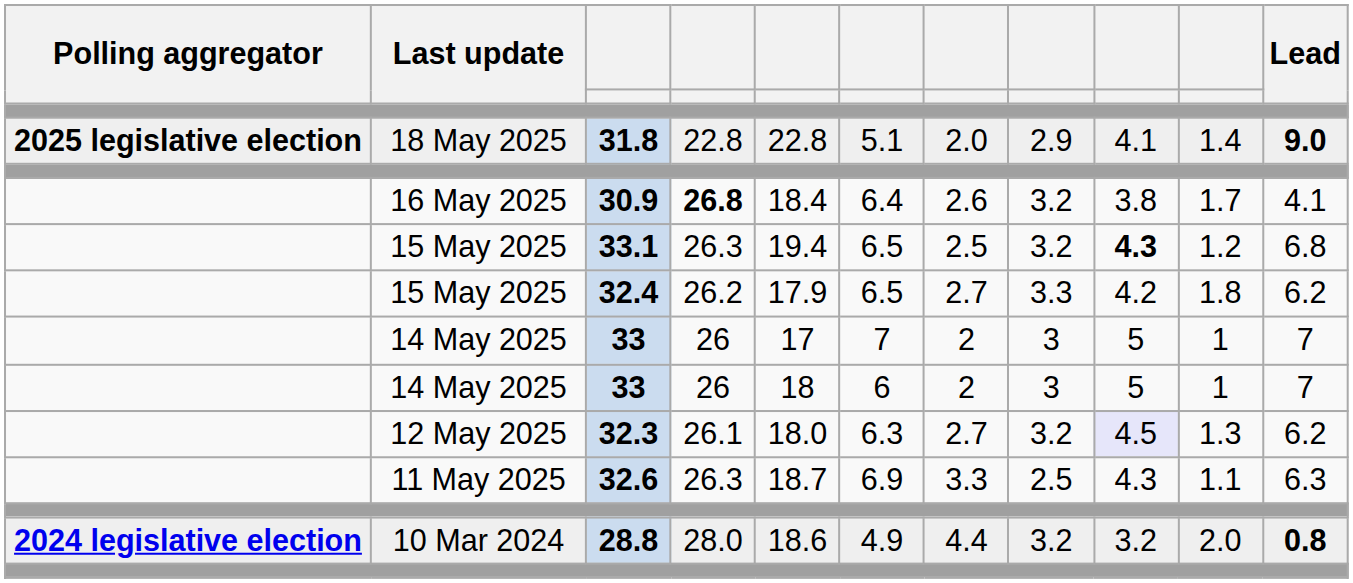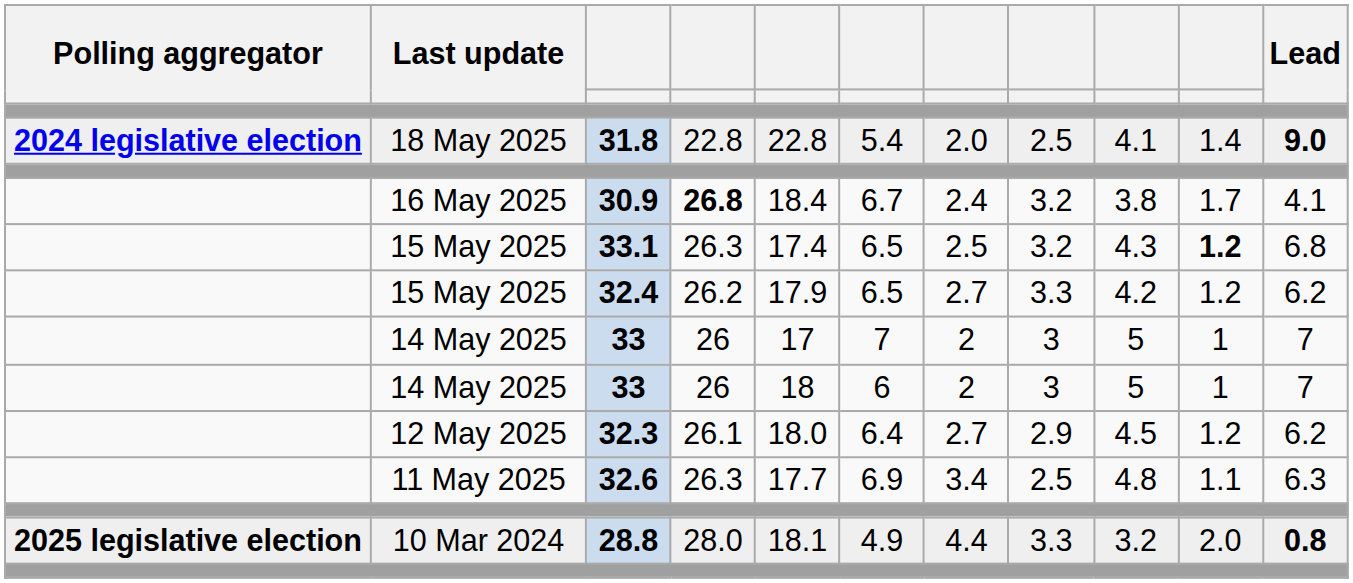 <table class="wikitable collapsible" style="text-align:center; font-size:95%; line-height:16px;">
 <tr style="height:42px;">
 <th style="width:175px;" rowspan="2">Polling aggregator</th>
 <th style="width:100px;" rowspan="2">Last update</th>
 <th class="sortable" style="width:35px;"></th>
 <th class="sortable" style="width:35px;"></th>
 <th class="sortable" style="width:35px;"></th>
 <th class="sortable" style="width:35px;"></th>
 <th class="sortable" style="width:35px;"></th>
 <th class="sortable" style="width:35px;"></th>
 <th class="sortable" style="width:35px;"></th>
 <th class="sortable" style="width:35px;"></th>
 <th class="unsortable" style="width:30px;" rowspan="2">Lead</th>
 </tr>
 <tr>
 <th class="sortable" style="background:"></th>
 <th class="sortable" style="background:"></th>
 <th class="sortable" style="background:"></th>
 <th class="sortable" style="background:"></th>
 <th class="sortable" style="background:"></th>
 <th class="sortable" style="background:"></th>
 <th class="sortable" style="background:"></th>
 <th class="sortable" style="background:"></th>
 </tr>
 <tr>
 <td colspan="11" style="background:#A0A0A0"></td>
 </tr>
 <tr style="background:#EFEFEF">
-<td><strong>2025 legislative election</strong></td>
+<td><strong><a href='#'>2024 legislative election</a></strong></td>
 <td>18 May 2025</td>
 <td style="background:#CBDCEF"><strong>31.8</strong><br></td>
 <td>22.8<br></td>
 <td>22.8<br></td>
-<td>5.1<br></td>
+<td>5.4<br></td>
 <td>2.0<br></td>
-<td>2.9<br></td>
+<td>2.5<br></td>
 <td>4.1<br></td>
 <td>1.4<br></td>
 <td style="background:"><strong>9.0</strong></td>
 </tr>
 <tr>
 <td colspan="11" style="background:#A0A0A0"></td>
 </tr>
 <tr>
 <td></td>
 <td>16 May 2025</td>
 <td style="background:#CBDCEF"><strong>30.9</strong></td>
 <td><strong>26.8</strong></td>
 <td>18.4</td>
-<td>6.4</td>
-<td>2.6</td>
+<td>6.7</td>
+<td>2.4</td>
 <td>3.2</td>
 <td>3.8</td>
 <td>1.7</td>
 <td style="background:">4.1</td>
 </tr>
 <tr>
 <td></td>
 <td>15 May 2025</td>
 <td style="background:#CBDCEF"><strong>33.1</strong></td>
 <td>26.3</td>
-<td>19.4</td>
+<td>17.4</td>
 <td>6.5</td>
 <td>2.5</td>
 <td>3.2</td>
-<td><strong>4.3</strong></td>
-<td>1.2</td>
+<td>4.3</td>
+<td><strong>1.2</strong></td>
 <td style="background:">6.8</td>
 </tr>
 <tr>
 <td></td>
 <td>15 May 2025</td>
 <td style="background:#CBDCEF"><strong>32.4</strong></td>
 <td>26.2</td>
 <td>17.9</td>
 <td>6.5</td>
 <td>2.7</td>
 <td>3.3</td>
 <td>4.2</td>
-<td>1.8</td>
+<td>1.2</td>
 <td style="background:">6.2</td>
 </tr>
 <tr>
 <td></td>
 <td>14 May 2025</td>
 <td style="background:#CBDCEF"><strong>33</strong></td>
 <td>26</td>
 <td>17</td>
 <td>7</td>
 <td>2</td>
 <td>3</td>
 <td>5</td>
 <td>1</td>
 <td style="background:">7</td>
 </tr>
 <tr>
 <td></td>
 <td>14 May 2025</td>
 <td style="background:#CBDCEF"><strong>33</strong></td>
 <td>26</td>
 <td>18</td>
 <td>6</td>
 <td>2</td>
 <td>3</td>
 <td>5</td>
 <td>1</td>
 <td style="background:">7</td>
 </tr>
 <tr>
 <td></td>
 <td>12 May 2025</td>
 <td style="background:#CBDCEF"><strong>32.3</strong></td>
 <td>26.1</td>
 <td>18.0</td>
-<td>6.3</td>
+<td>6.4</td>
 <td>2.7</td>
-<td>3.2</td>
-<td style="background: lavender;">4.5</td>
-<td>1.3</td>
+<td>2.9</td>
+<td>4.5</td>
+<td>1.2</td>
 <td style="background:">6.2</td>
 </tr>
 <tr>
 <td></td>
 <td>11 May 2025</td>
 <td style="background:#CBDCEF"><strong>32.6</strong></td>
 <td>26.3</td>
-<td>18.7</td>
+<td>17.7</td>
 <td>6.9</td>
-<td>3.3</td>
+<td>3.4</td>
 <td>2.5</td>
-<td>4.3</td>
+<td>4.8</td>
 <td>1.1</td>
 <td style="background:">6.3</td>
 </tr>
 <tr>
 <td colspan="11" style="background:#A0A0A0"></td>
 </tr>
 <tr style="background:#EFEFEF">
-<td><strong><a href='#'>2024 legislative election</a></strong></td>
+<td><strong>2025 legislative election</strong></td>
 <td>10 Mar 2024</td>
 <td style="background:#CBDCEF"><strong>28.8</strong><br></td>
 <td>28.0<br></td>
-<td>18.6<br></td>
+<td>18.1<br></td>
 <td>4.9<br></td>
 <td>4.4<br></td>
-<td>3.2<br></td>
+<td>3.3<br></td>
 <td>3.2<br></td>
 <td>2.0<br></td>
 <td style="background:"><strong>0.8</strong></td>
 </tr>
 <tr>
 <td colspan="11" style="background:#A0A0A0"></td>
 </tr>
 </table>
